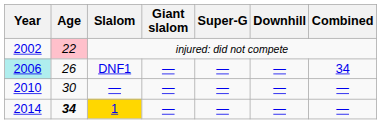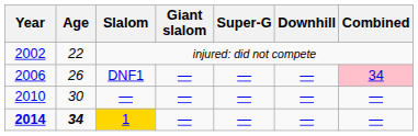 <table class=wikitable style="text-align:center">
 <tr>
 <th>  Year  </th>
 <th> Age </th>
 <th> Slalom </th>
 <th> Giant <br> slalom </th>
 <th>Super-G</th>
 <th>Downhill</th>
 <th>Combined</th>
 </tr>
 <tr>
 <td><a href='#'>2002</a></td>
-<td style="background: pink;"><em>22</em></td>
+<td><em>22</em></td>
 <td colspan=6><em><small>injured: did not compete</small></em></td>
 </tr>
 <tr>
-<td style="background: paleturquoise;"><a href='#'>2006</a></td>
+<td><a href='#'>2006</a></td>
 <td><em>26</em></td>
 <td><a href='#'>DNF1</a></td>
 <td><a href='#'>—</a></td>
 <td><a href='#'>—</a></td>
 <td><a href='#'>—</a></td>
-<td><a href='#'>34</a></td>
+<td style="background: pink;"><a href='#'>34</a></td>
 </tr>
 <tr>
 <td><a href='#'>2010</a></td>
 <td><em>30</em></td>
 <td><a href='#'>—</a></td>
 <td><a href='#'>—</a></td>
 <td><a href='#'>—</a></td>
 <td><a href='#'>—</a></td>
 <td><a href='#'>—</a></td>
 </tr>
 <tr>
-<td><a href='#'>2014</a></td>
+<td><strong><a href='#'>2014</a></strong></td>
 <td><strong><em>34</em></strong></td>
 <td style="background:gold;"><a href='#'>1</a></td>
 <td><a href='#'>—</a></td>
 <td><a href='#'>—</a></td>
 <td><a href='#'>—</a></td>
 <td><a href='#'>—</a></td>
 </tr>
 </table>
